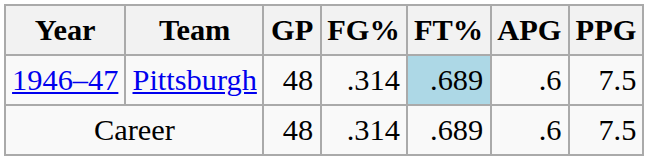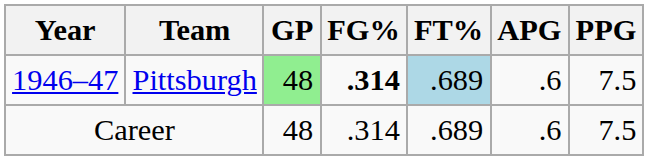 <table class="wikitable sortable" style="font-size:95%; text-align:right;">
 <tr>
 <th>Year</th>
 <th>Team</th>
 <th>GP</th>
 <th>FG%</th>
 <th>FT%</th>
 <th>APG</th>
 <th>PPG</th>
 </tr>
 <tr>
 <td style="text-align:left;"><a href='#'>1946–47</a></td>
 <td style="text-align:left;"><a href='#'>Pittsburgh</a></td>
-<td>48</td>
-<td>.314</td>
+<td style="background: lightgreen;">48</td>
+<td><strong>.314</strong></td>
 <td style="background: lightblue;">.689</td>
 <td>.6</td>
 <td>7.5</td>
 </tr>
 <tr>
 <td style="text-align:center;" colspan="2">Career</td>
 <td>48</td>
 <td>.314</td>
 <td>.689</td>
 <td>.6</td>
 <td>7.5</td>
 </tr>
 <tr>
 </tr>
 </table>
